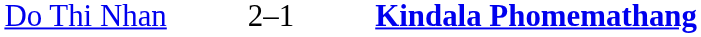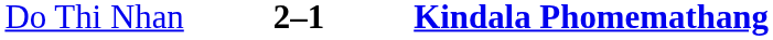 <table>
 <tr>
 <th width=400></th>
 <th width=100></th>
 <th width=400></th>
 </tr>
 <tr>
 <td align=right><a href='#'>Do Thi Nhan</a> </td>
-<td align=center>2–1</td>
+<td align=center><strong>2–1</strong></td>
 <td><strong> <a href='#'>Kindala Phomemathang</a></strong></td>
 </tr>
 </table>
